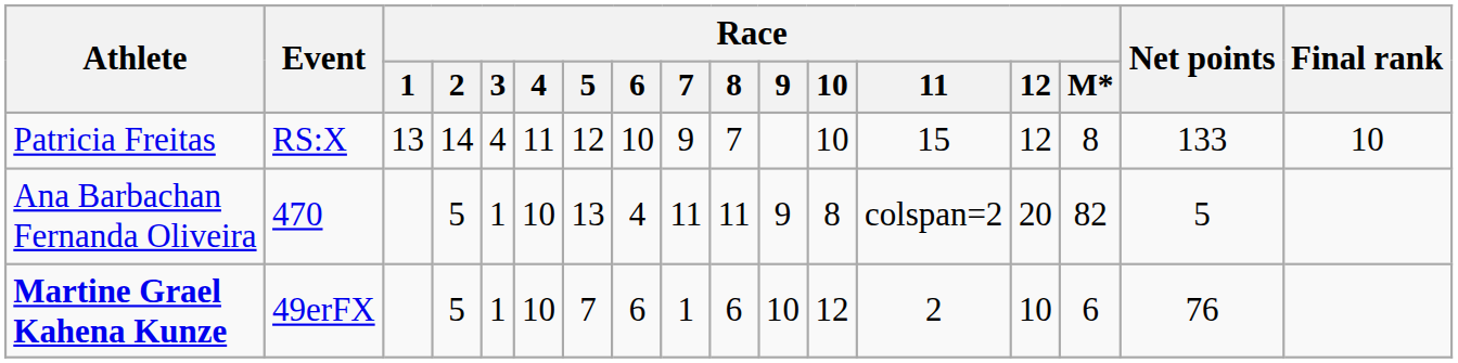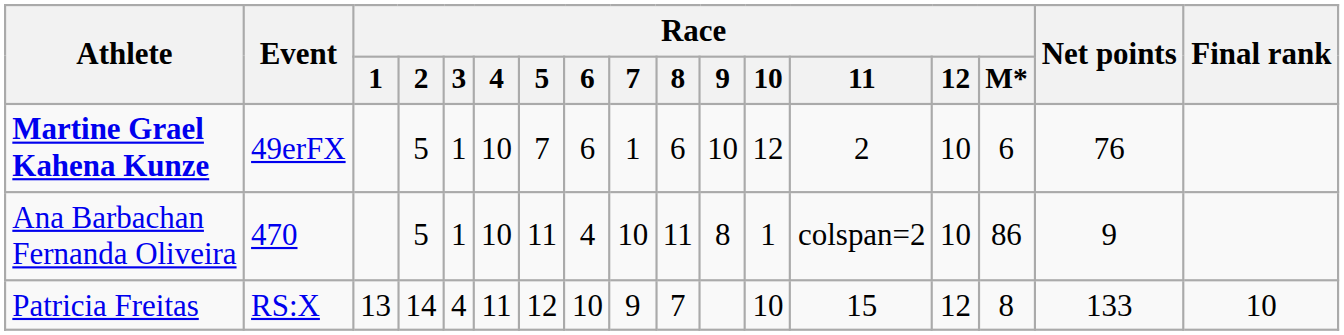 <table class="wikitable" style="font-size:90%">
 <tr>
 <th rowspan="2">Athlete</th>
 <th rowspan="2">Event</th>
 <th colspan=13>Race</th>
 <th rowspan=2>Net points</th>
 <th rowspan=2>Final rank</th>
 </tr>
 <tr style="font-size:95%">
 <th>1</th>
 <th>2</th>
 <th>3</th>
 <th>4</th>
 <th>5</th>
 <th>6</th>
 <th>7</th>
 <th>8</th>
 <th>9</th>
 <th>10</th>
 <th>11</th>
 <th>12</th>
 <th>M*</th>
 </tr>
 <tr align=center>
+<td align=left><strong><a href='#'>Martine Grael</a><br><a href='#'>Kahena Kunze</a></strong></td>
+<td align=left><a href='#'>49erFX</a></td>
+<td></td>
+<td>5</td>
+<td>1</td>
+<td>10</td>
+<td>7</td>
+<td>6</td>
+<td>1</td>
+<td>6</td>
+<td>10</td>
+<td>12</td>
+<td>2</td>
+<td>10</td>
+<td>6</td>
+<td>76</td>
+<td></td>
+</tr>
+<tr align=center>
+<td align=left><a href='#'>Ana Barbachan</a><br><a href='#'>Fernanda Oliveira</a></td>
+<td align=left><a href='#'>470</a></td>
+<td></td>
+<td>5</td>
+<td>1</td>
+<td>10</td>
+<td>11</td>
+<td>4</td>
+<td>10</td>
+<td>11</td>
+<td>8</td>
+<td>1</td>
+<td>colspan=2 </td>
+<td>10</td>
+<td>86</td>
+<td>9</td>
+</tr>
+<tr align=center>
 <td align=left><a href='#'>Patricia Freitas</a></td>
 <td align=left><a href='#'>RS:X</a></td>
 <td>13</td>
 <td>14</td>
 <td>4</td>
 <td>11</td>
 <td>12</td>
 <td>10</td>
 <td>9</td>
 <td>7</td>
 <td></td>
 <td>10</td>
 <td>15</td>
 <td>12</td>
 <td>8</td>
 <td>133</td>
 <td>10</td>
 </tr>
-<tr align=center>
-<td align=left><a href='#'>Ana Barbachan</a><br><a href='#'>Fernanda Oliveira</a></td>
-<td align=left><a href='#'>470</a></td>
-<td></td>
-<td>5</td>
-<td>1</td>
-<td>10</td>
-<td>13</td>
-<td>4</td>
-<td>11</td>
-<td>11</td>
-<td>9</td>
-<td>8</td>
-<td>colspan=2 </td>
-<td>20</td>
-<td>82</td>
-<td>5</td>
-</tr>
-<tr align=center>
-<td align=left><strong><a href='#'>Martine Grael</a><br><a href='#'>Kahena Kunze</a></strong></td>
-<td align=left><a href='#'>49erFX</a></td>
-<td></td>
-<td>5</td>
-<td>1</td>
-<td>10</td>
-<td>7</td>
-<td>6</td>
-<td>1</td>
-<td>6</td>
-<td>10</td>
-<td>12</td>
-<td>2</td>
-<td>10</td>
-<td>6</td>
-<td>76</td>
-<td></td>
-</tr>
 </table>
